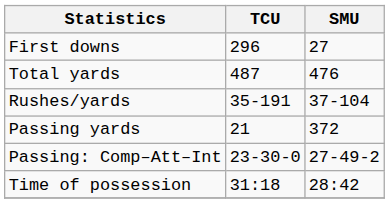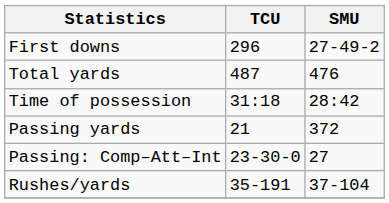 <table class="wikitable" style="float: left;">
 <tr>
 <th>Statistics</th>
 <th>TCU</th>
 <th>SMU</th>
 </tr>
 <tr>
 <td>First downs</td>
 <td>296</td>
-<td>27</td>
+<td>27-49-2</td>
 </tr>
 <tr>
 <td>Total yards</td>
 <td>487</td>
 <td>476</td>
 </tr>
 <tr>
-<td>Rushes/yards</td>
-<td>35-191</td>
-<td>37-104</td>
+<td>Time of possession</td>
+<td>31:18</td>
+<td>28:42</td>
 </tr>
 <tr>
 <td>Passing yards</td>
 <td>21</td>
 <td>372</td>
 </tr>
 <tr>
 <td>Passing: Comp–Att–Int</td>
 <td>23-30-0</td>
-<td>27-49-2</td>
+<td>27</td>
 </tr>
 <tr>
-<td>Time of possession</td>
-<td>31:18</td>
-<td>28:42</td>
+<td>Rushes/yards</td>
+<td>35-191</td>
+<td>37-104</td>
 </tr>
 <tr>
 </tr>
 </table>
